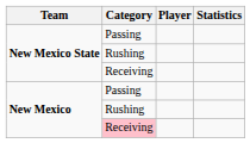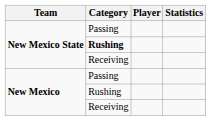 <table class="wikitable" style="float: right;">
 <tr>
 <th>Team</th>
 <th>Category</th>
 <th>Player</th>
 <th>Statistics</th>
 </tr>
 <tr>
 <td rowspan=3><strong>New Mexico State</strong></td>
 <td>Passing</td>
 <td></td>
 <td></td>
 </tr>
 <tr>
-<td>Rushing</td>
+<td><strong>Rushing</strong></td>
 <td></td>
 <td></td>
 </tr>
 <tr>
 <td>Receiving</td>
 <td></td>
 <td></td>
 </tr>
 <tr>
 <td rowspan=3><strong>New Mexico</strong></td>
 <td>Passing</td>
 <td></td>
 <td></td>
 </tr>
 <tr>
 <td>Rushing</td>
 <td></td>
 <td></td>
 </tr>
 <tr>
-<td style="background: pink;">Receiving</td>
+<td>Receiving</td>
 <td></td>
 <td></td>
 </tr>
 </table>
